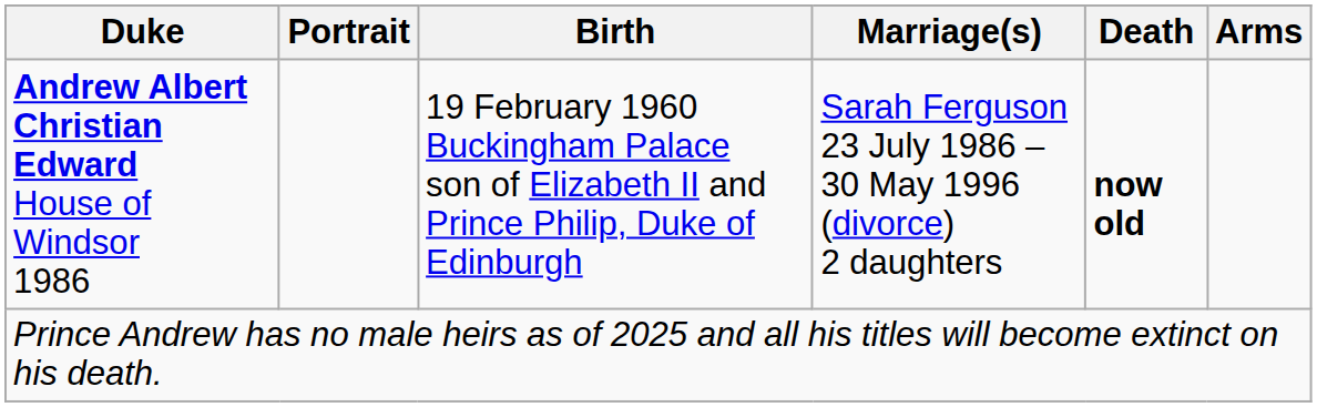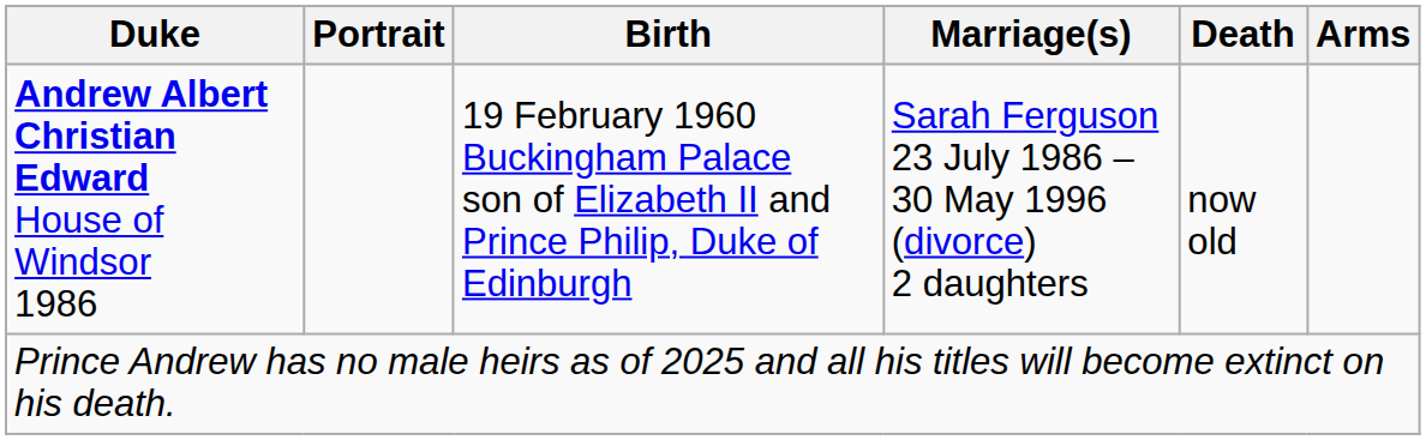 <table class="wikitable">
 <tr>
 <th>Duke</th>
 <th>Portrait</th>
 <th>Birth</th>
 <th>Marriage(s)</th>
 <th>Death</th>
 <th>Arms</th>
 </tr>
 <tr>
 <td><strong><a href='#'>Andrew Albert Christian Edward</a></strong><br><a href='#'>House of Windsor</a><br>1986<br><em></em></td>
 <td></td>
 <td>19 February 1960<br><a href='#'>Buckingham Palace</a><br>son of <a href='#'>Elizabeth II</a> and <a href='#'>Prince Philip, Duke of Edinburgh</a></td>
 <td><a href='#'>Sarah Ferguson</a><br>23 July 1986 – 30 May 1996<br>(<a href='#'>divorce</a>)<br>2 daughters</td>
-<td><strong><br> now  old</strong></td>
+<td><br> now  old</td>
 <td></td>
 </tr>
 <tr>
 <td colspan="6"><em>Prince Andrew has no male heirs as of 2025 and all his titles will become extinct on his death.</em></td>
 </tr>
 </table>
